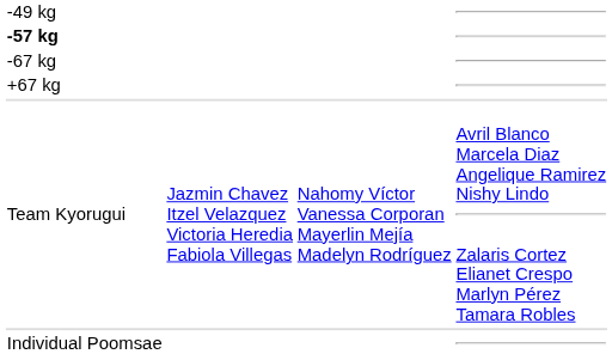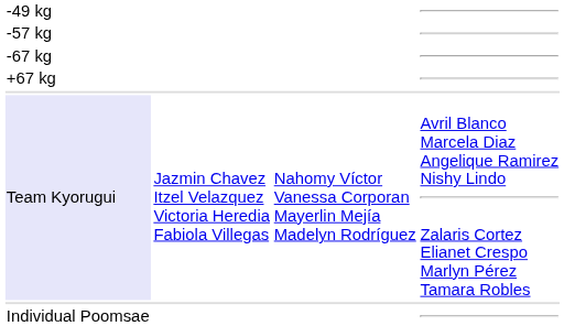 <table>
 <tr>
 <td>-49 kg</td>
 <td></td>
 <td></td>
 <td><hr></td>
 </tr>
 <tr>
-<td><strong>-57 kg</strong></td>
+<td>-57 kg</td>
 <td></td>
 <td></td>
 <td><hr></td>
 </tr>
 <tr>
 <td>-67 kg</td>
 <td></td>
 <td></td>
 <td><hr></td>
 </tr>
 <tr>
 <td>+67 kg</td>
 <td></td>
 <td></td>
 <td><hr></td>
 </tr>
 <tr bgcolor=#DDDDDD>
 <td colspan=7></td>
 </tr>
 <tr>
-<td>Team Kyorugui</td>
+<td style="background: lavender;">Team Kyorugui</td>
 <td><br><a href='#'>Jazmin Chavez</a><br><a href='#'>Itzel Velazquez</a><br><a href='#'>Victoria Heredia</a><br><a href='#'>Fabiola Villegas</a></td>
 <td><br><a href='#'>Nahomy Víctor</a><br><a href='#'>Vanessa Corporan</a><br><a href='#'>Mayerlin Mejía</a><br><a href='#'>Madelyn Rodríguez</a></td>
 <td><br><a href='#'>Avril Blanco</a><br><a href='#'>Marcela Diaz</a><br><a href='#'>Angelique Ramirez</a><br><a href='#'>Nishy Lindo</a><hr><br><a href='#'>Zalaris Cortez</a><br><a href='#'>Elianet Crespo</a><br><a href='#'>Marlyn Pérez</a><br><a href='#'>Tamara Robles</a></td>
 </tr>
 <tr bgcolor=#DDDDDD>
 <td colspan=4></td>
 </tr>
 <tr>
 <td>Individual Poomsae</td>
 <td></td>
 <td></td>
 <td><hr></td>
 </tr>
 </table>
